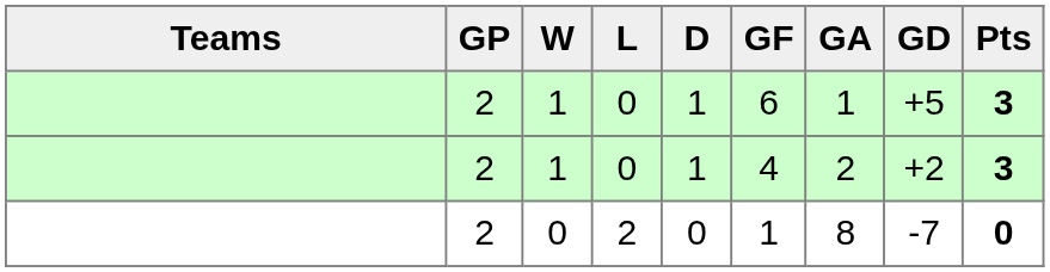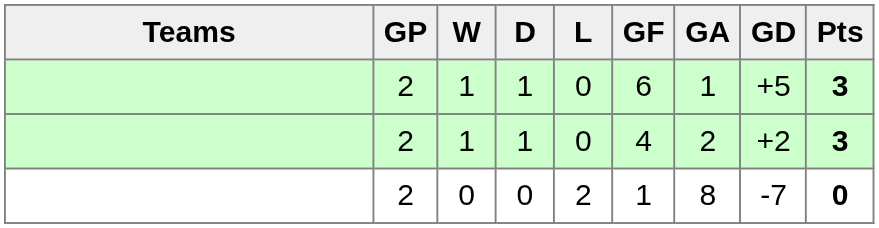 <table style=border-collapse:collapse border=1 cellspacing=0 cellpadding=5>
 <tr align=center bgcolor=#efefef>
 <th width=185>Teams</th>
 <th width=20>GP</th>
 <th width=20>W</th>
+<th width=20>D</th>
 <th width=20>L</th>
-<th width=20>D</th>
 <th width=20>GF</th>
 <th width=20>GA</th>
 <th width=20>GD</th>
 <th width=20>Pts</th>
 </tr>
 <tr align=center style="background:#ccffcc;">
 <td style="text-align:left;"></td>
 <td>2</td>
 <td>1</td>
+<td>1</td>
 <td>0</td>
-<td>1</td>
 <td>6</td>
 <td>1</td>
 <td>+5</td>
 <td><strong>3</strong></td>
 </tr>
 <tr align=center style="background:#ccffcc;">
 <td style="text-align:left;"></td>
 <td>2</td>
 <td>1</td>
+<td>1</td>
 <td>0</td>
-<td>1</td>
 <td>4</td>
 <td>2</td>
 <td>+2</td>
 <td><strong>3</strong></td>
 </tr>
 <tr align=center>
 <td style="text-align:left;"></td>
 <td>2</td>
 <td>0</td>
+<td>0</td>
 <td>2</td>
-<td>0</td>
 <td>1</td>
 <td>8</td>
 <td>-7</td>
 <td><strong>0</strong></td>
 </tr>
 </table>
